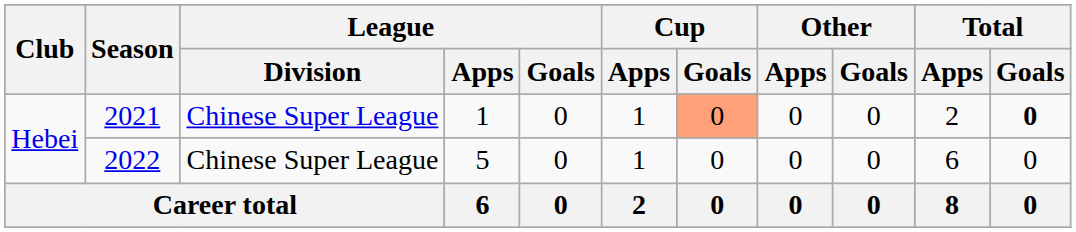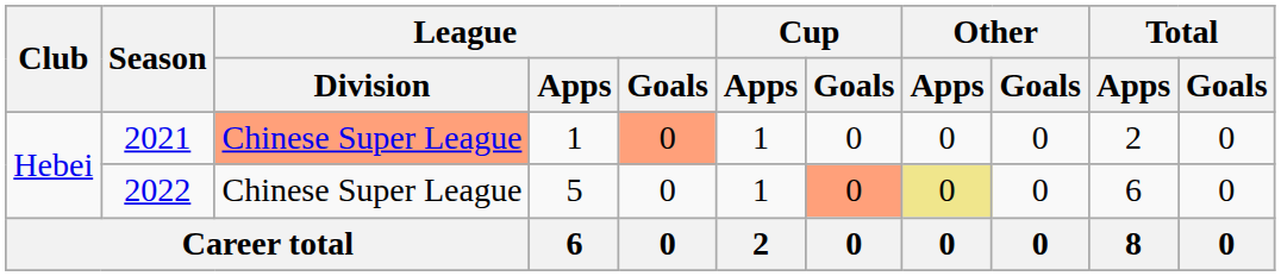 <table class="wikitable" style="text-align: center">
 <tr>
 <th rowspan="2">Club</th>
 <th rowspan="2">Season</th>
 <th colspan="3">League</th>
 <th colspan="2">Cup</th>
 <th colspan="2">Other</th>
 <th colspan="2">Total</th>
 </tr>
 <tr>
 <th>Division</th>
 <th>Apps</th>
 <th>Goals</th>
 <th>Apps</th>
 <th>Goals</th>
 <th>Apps</th>
 <th>Goals</th>
 <th>Apps</th>
 <th>Goals</th>
 </tr>
 <tr>
 <td rowspan=2><a href='#'>Hebei</a></td>
 <td><a href='#'>2021</a></td>
-<td><a href='#'>Chinese Super League</a></td>
+<td style="background: lightsalmon;"><a href='#'>Chinese Super League</a></td>
+<td>1</td>
+<td style="background: lightsalmon;">0</td>
 <td>1</td>
 <td>0</td>
-<td>1</td>
-<td style="background: lightsalmon;">0</td>
 <td>0</td>
 <td>0</td>
 <td>2</td>
-<td><strong>0</strong></td>
+<td>0</td>
 </tr>
 <tr>
 <td><a href='#'>2022</a></td>
 <td>Chinese Super League</td>
 <td>5</td>
 <td>0</td>
 <td>1</td>
-<td>0</td>
-<td>0</td>
+<td style="background: lightsalmon;">0</td>
+<td style="background: khaki;">0</td>
 <td>0</td>
 <td>6</td>
 <td>0</td>
 </tr>
 <tr>
 <th colspan=3>Career total</th>
 <th>6</th>
 <th>0</th>
 <th>2</th>
 <th>0</th>
 <th>0</th>
 <th>0</th>
 <th>8</th>
 <th>0</th>
 </tr>
 </table>
